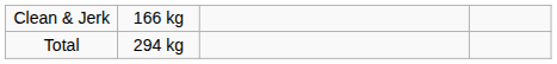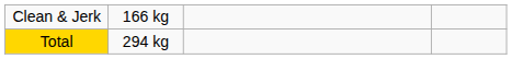 <table class = "wikitable" style="text-align:center;">
 <tr>
 <td width=100>Clean & Jerk</td>
 <td width=70>166 kg</td>
 <td width=250 align=left></td>
 <td width=70></td>
 </tr>
 <tr>
-<td>Total</td>
+<td style="background: gold;">Total</td>
 <td>294 kg</td>
 <td align=left></td>
 <td></td>
 </tr>
 </table>
